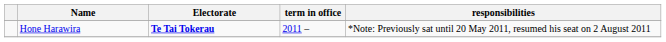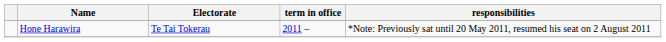 <table class="wikitable" width="80%" style="font-size: 95%;">
 <tr>
 <th width=2%></th>
 <th width=20%>Name</th>
 <th width=20%>Electorate</th>
 <th width=10%>term in office</th>
 <th width=48%>responsibilities</th>
 </tr>
 <tr>
 </tr>
 <tr>
 <td></td>
 <td><a href='#'>Hone Harawira</a></td>
-<td><strong><a href='#'>Te Tai Tokerau</a></strong></td>
+<td><a href='#'>Te Tai Tokerau</a></td>
 <td><a href='#'>2011</a> –</td>
 <td>*Note: Previously sat until 20 May 2011, resumed his seat on 2 August 2011</td>
 </tr>
 <tr>
 </tr>
 </table>
